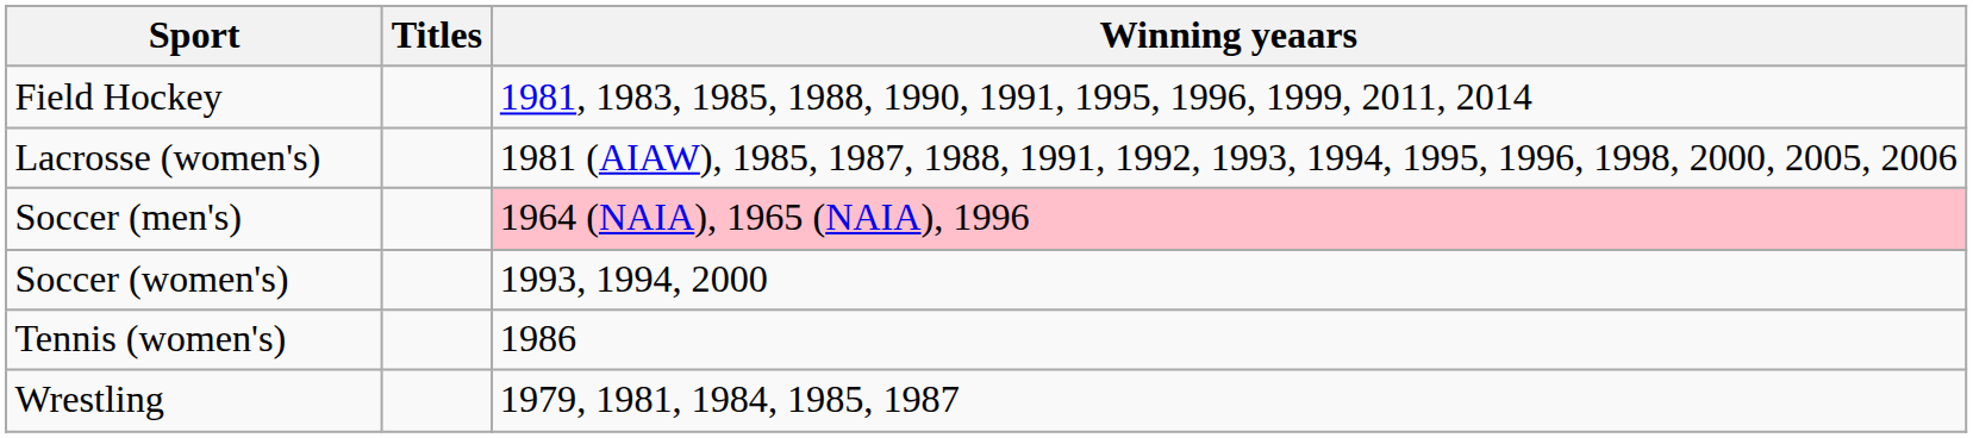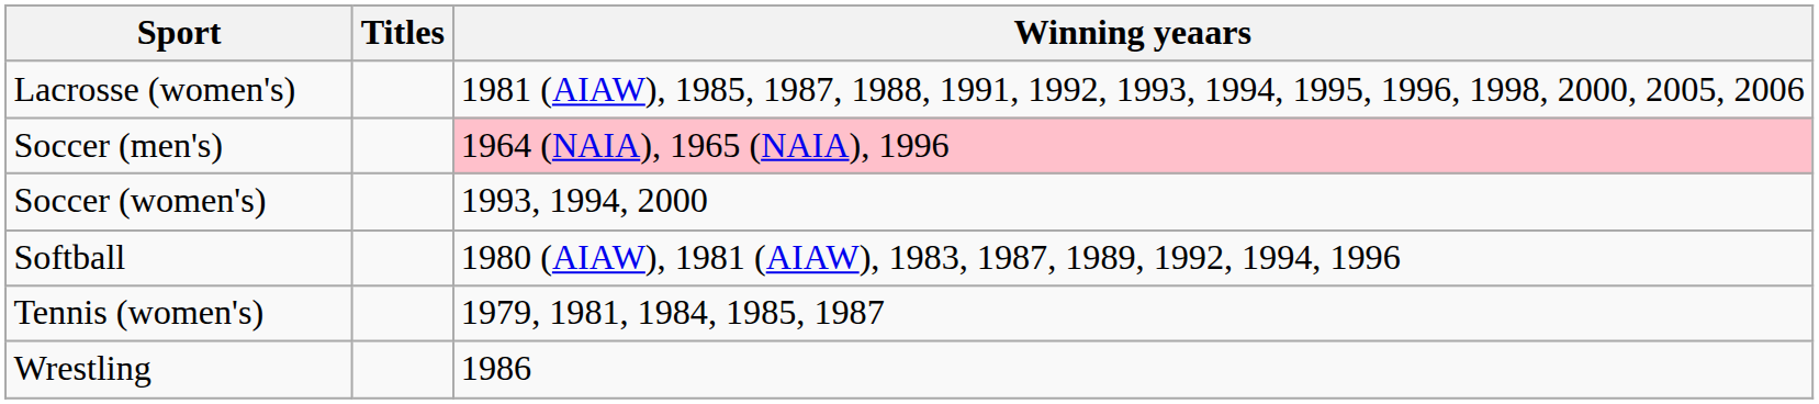 <table class="wikitable">
 <tr>
 <th width=150px>Sport</th>
 <th>Titles</th>
 <th>Winning yeaars</th>
-</tr>
-<tr>
-<td>Field Hockey</td>
-<td></td>
-<td><a href='#'>1981</a>, 1983, 1985, 1988, 1990, 1991, 1995, 1996, 1999, 2011, 2014</td>
 </tr>
 <tr>
 <td>Lacrosse (women's)</td>
 <td></td>
 <td>1981 (<a href='#'>AIAW</a>), 1985, 1987, 1988, 1991, 1992, 1993, 1994, 1995, 1996, 1998, 2000, 2005, 2006</td>
 </tr>
 <tr>
 <td>Soccer (men's)</td>
 <td></td>
 <td style="background: pink;">1964 (<a href='#'>NAIA</a>), 1965 (<a href='#'>NAIA</a>), 1996</td>
 </tr>
 <tr>
 <td>Soccer (women's)</td>
 <td></td>
 <td>1993, 1994, 2000</td>
 </tr>
 <tr>
+<td>Softball</td>
+<td></td>
+<td>1980 (<a href='#'>AIAW</a>), 1981 (<a href='#'>AIAW</a>), 1983, 1987, 1989, 1992, 1994, 1996</td>
+</tr>
+<tr>
 <td>Tennis (women's)</td>
 <td></td>
-<td>1986</td>
+<td>1979, 1981, 1984, 1985, 1987</td>
 </tr>
 <tr>
 <td>Wrestling</td>
 <td></td>
-<td>1979, 1981, 1984, 1985, 1987</td>
+<td>1986</td>
 </tr>
 </table>
